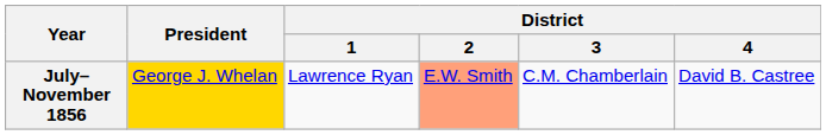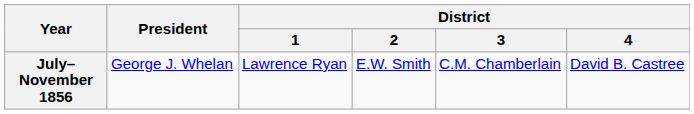 <table class="wikitable" width=100% style="font-size: 86%;">
 <tr>
 <th rowspan="2" width="15%">Year</th>
 <th rowspan="2">President</th>
 <th colspan="4" align="left">District</th>
 </tr>
 <tr>
 <th>1</th>
 <th>2</th>
 <th>3</th>
 <th>4</th>
 </tr>
 <tr valign=top>
 <th>July–November 1856</th>
-<td style="background: gold;"><a href='#'>George J. Whelan</a></td>
+<td><a href='#'>George J. Whelan</a></td>
 <td><a href='#'>Lawrence Ryan</a></td>
-<td style="background: lightsalmon;"><a href='#'>E.W. Smith</a></td>
+<td><a href='#'>E.W. Smith</a></td>
 <td><a href='#'>C.M. Chamberlain</a></td>
 <td><a href='#'>David B. Castree</a></td>
 </tr>
 </table>
